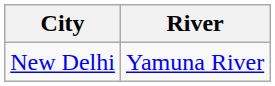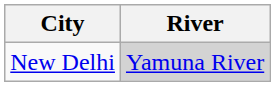 <table class="wikitable sortable">
 <tr>
 <th>City</th>
 <th>River</th>
 </tr>
 <tr>
 <td><a href='#'>New Delhi</a></td>
-<td><a href='#'>Yamuna River</a></td>
+<td style="background: lightgrey;"><a href='#'>Yamuna River</a></td>
 </tr>
 </table>
